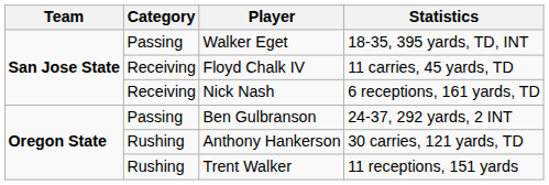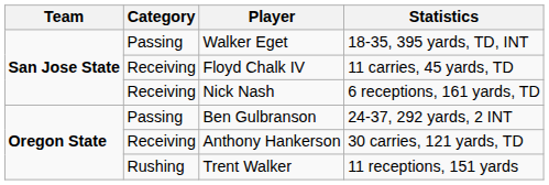 <table class="wikitable" style="float: right;">
 <tr>
 <th>Team</th>
 <th>Category</th>
 <th>Player</th>
 <th>Statistics</th>
 </tr>
 <tr>
 <td rowspan=3><strong>San Jose State</strong></td>
 <td>Passing</td>
 <td>Walker Eget</td>
 <td>18-35, 395 yards, TD, INT</td>
 </tr>
 <tr>
 <td>Receiving</td>
 <td>Floyd Chalk IV</td>
 <td>11 carries, 45 yards, TD</td>
 </tr>
 <tr>
 <td>Receiving</td>
 <td>Nick Nash</td>
 <td>6 receptions, 161 yards, TD</td>
 </tr>
 <tr>
 <td rowspan=3><strong>Oregon State</strong></td>
 <td>Passing</td>
 <td>Ben Gulbranson</td>
 <td>24-37, 292 yards, 2 INT</td>
 </tr>
 <tr>
-<td>Rushing</td>
+<td>Receiving</td>
 <td>Anthony Hankerson</td>
 <td>30 carries, 121 yards, TD</td>
 </tr>
 <tr>
 <td>Rushing</td>
 <td>Trent Walker</td>
 <td>11 receptions, 151 yards</td>
 </tr>
 </table>
